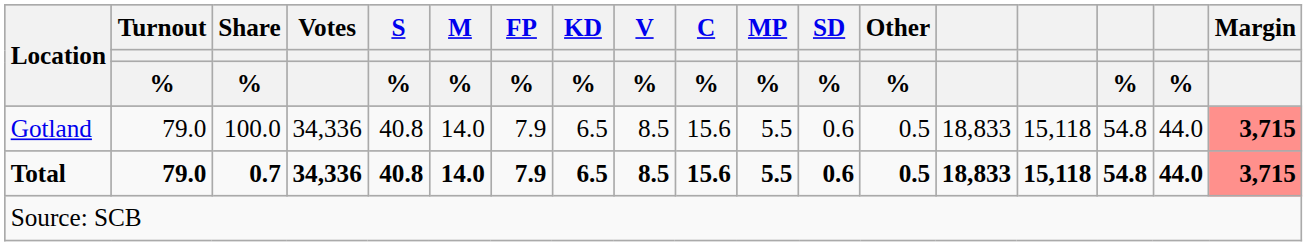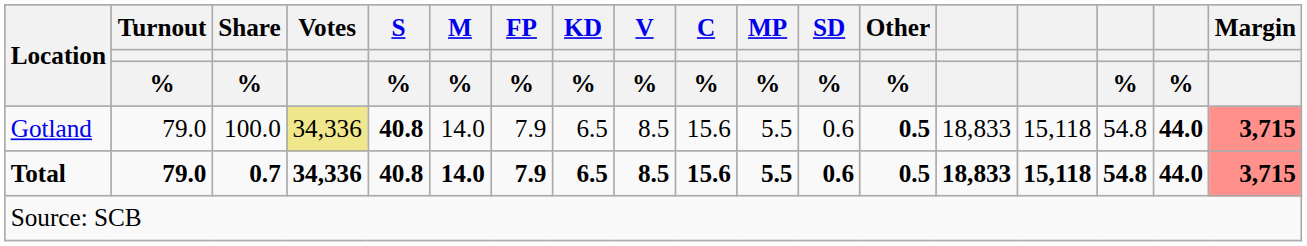 <table class="wikitable sortable" style="text-align:right; font-size:95%; line-height:20px;">
 <tr>
 <th rowspan="3">Location</th>
 <th>Turnout</th>
 <th>Share</th>
 <th>Votes</th>
 <th width="30px" class="unsortable"><a href='#'>S</a></th>
 <th width="30px" class="unsortable"><a href='#'>M</a></th>
 <th width="30px" class="unsortable"><a href='#'>FP</a></th>
 <th width="30px" class="unsortable"><a href='#'>KD</a></th>
 <th width="30px" class="unsortable"><a href='#'>V</a></th>
 <th width="30px" class="unsortable"><a href='#'>C</a></th>
 <th width="30px" class="unsortable"><a href='#'>MP</a></th>
 <th width="30px" class="unsortable"><a href='#'>SD</a></th>
 <th width="30px" class="unsortable">Other</th>
 <th></th>
 <th></th>
 <th></th>
 <th></th>
 <th>Margin</th>
 </tr>
 <tr>
 <th></th>
 <th></th>
 <th></th>
 <th style="background:"></th>
 <th style="background:"></th>
 <th style="background:"></th>
 <th style="background:"></th>
 <th style="background:"></th>
 <th style="background:"></th>
 <th style="background:"></th>
 <th style="background:"></th>
 <th style="background:"></th>
 <th style="background:"></th>
 <th style="background:"></th>
 <th style="background:"></th>
 <th style="background:"></th>
 <th></th>
 </tr>
 <tr>
 <th data-sort-type="number">%</th>
 <th data-sort-type="number">%</th>
 <th></th>
 <th data-sort-type="number">%</th>
 <th data-sort-type="number">%</th>
 <th data-sort-type="number">%</th>
 <th data-sort-type="number">%</th>
 <th data-sort-type="number">%</th>
 <th data-sort-type="number">%</th>
 <th data-sort-type="number">%</th>
 <th data-sort-type="number">%</th>
 <th data-sort-type="number">%</th>
 <th data-sort-type="number"></th>
 <th data-sort-type="number"></th>
 <th data-sort-type="number">%</th>
 <th data-sort-type="number">%</th>
 <th data-sort-type="number"></th>
 </tr>
 <tr>
 <td align=left><a href='#'>Gotland</a></td>
 <td>79.0</td>
 <td>100.0</td>
-<td>34,336</td>
-<td>40.8</td>
+<td style="background: khaki;">34,336</td>
+<td><strong>40.8</strong></td>
 <td>14.0</td>
 <td>7.9</td>
 <td>6.5</td>
 <td>8.5</td>
 <td>15.6</td>
 <td>5.5</td>
 <td>0.6</td>
-<td>0.5</td>
+<td><strong>0.5</strong></td>
 <td>18,833</td>
 <td>15,118</td>
 <td>54.8</td>
-<td>44.0</td>
+<td><strong>44.0</strong></td>
 <td bgcolor=#ff908c><strong>3,715</strong></td>
 </tr>
 <tr>
 <td align=left><strong>Total</strong></td>
 <td><strong>79.0</strong></td>
 <td><strong>0.7</strong></td>
 <td><strong>34,336</strong></td>
 <td><strong>40.8</strong></td>
 <td><strong>14.0</strong></td>
 <td><strong>7.9</strong></td>
 <td><strong>6.5</strong></td>
 <td><strong>8.5</strong></td>
 <td><strong>15.6</strong></td>
 <td><strong>5.5</strong></td>
 <td><strong>0.6</strong></td>
 <td><strong>0.5</strong></td>
 <td><strong>18,833</strong></td>
 <td><strong>15,118</strong></td>
 <td><strong>54.8</strong></td>
 <td><strong>44.0</strong></td>
 <td bgcolor=#ff908c><strong>3,715</strong></td>
 </tr>
 <tr>
 <td align=left colspan=18>Source: SCB </td>
 </tr>
 </table>
